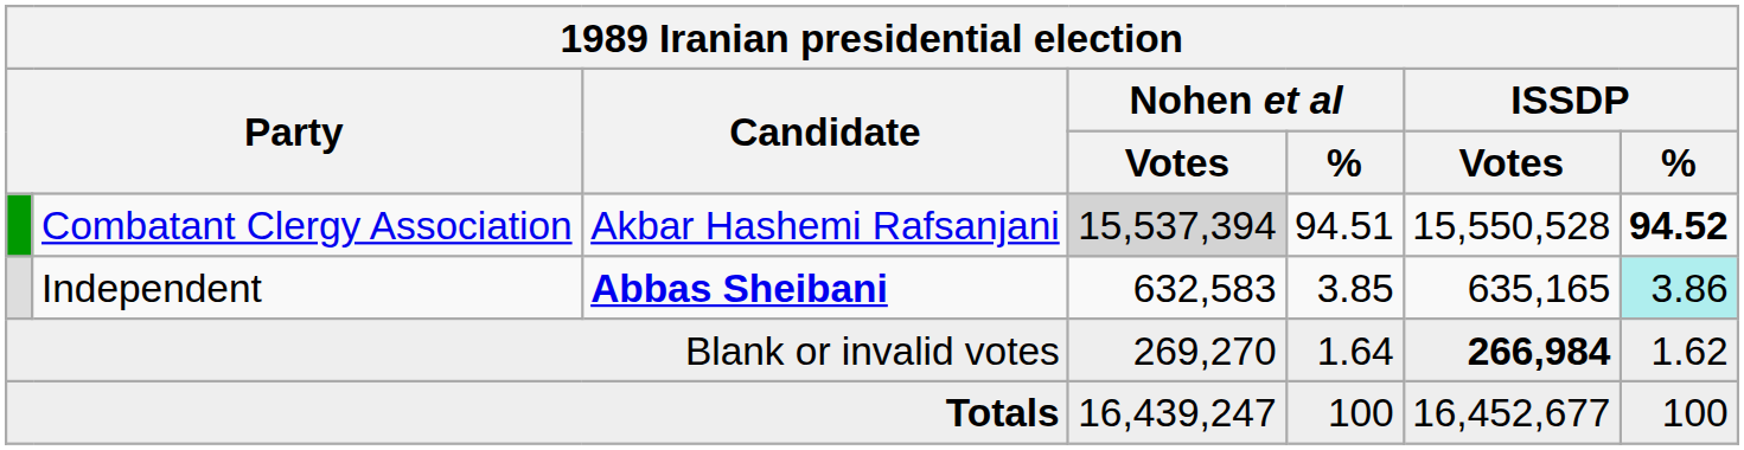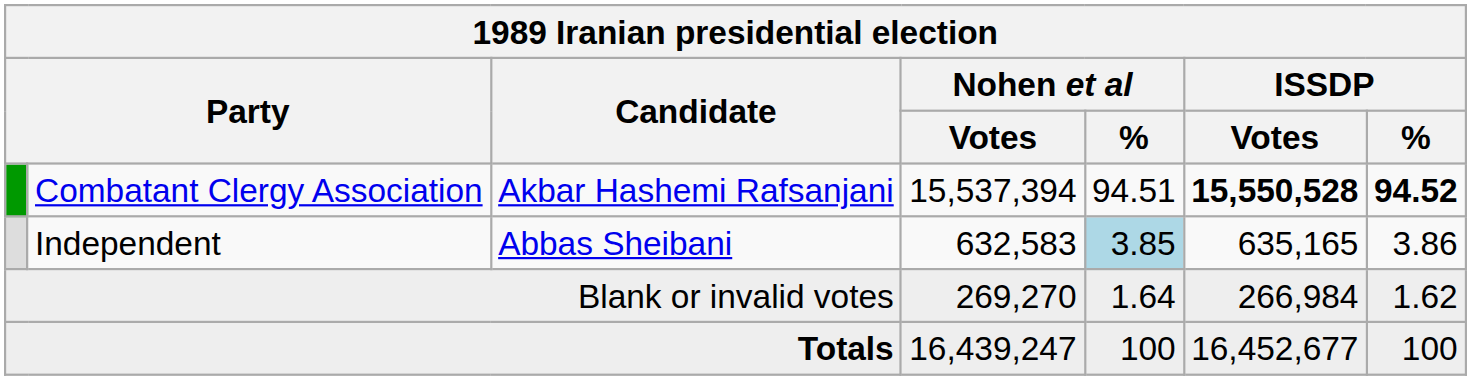 <table class="wikitable" style="font-size:95%;">
 <tr>
 <th colspan="8">1989 Iranian presidential election</th>
 </tr>
 <tr>
 <th rowspan="2" colspan="2">Party</th>
 <th rowspan="2">Candidate</th>
 <th colspan="2">Nohen <em>et al</em></th>
 <th colspan="2"><abbr>ISSDP</abbr></th>
 </tr>
 <tr>
 <th>Votes</th>
 <th>%</th>
 <th>Votes</th>
 <th>%</th>
 </tr>
 <tr>
 <th style="background:#009900; width:3px;"></th>
 <td><a href='#'>Combatant Clergy Association</a></td>
 <td><a href='#'>Akbar Hashemi Rafsanjani</a></td>
-<td style="background: lightgrey; text-align:right;">15,537,394</td>
+<td style="text-align:right;">15,537,394</td>
 <td style="text-align:right;">94.51</td>
-<td style="text-align:right;">15,550,528</td>
+<td style="text-align:right;"><strong>15,550,528</strong></td>
 <td style="text-align:right;"><strong>94.52</strong></td>
 </tr>
 <tr>
 <th style="background:#DDDDDD; width:3px;"></th>
 <td>Independent</td>
-<td><strong><a href='#'>Abbas Sheibani</a></strong></td>
+<td><a href='#'>Abbas Sheibani</a></td>
 <td style="text-align:right;">632,583</td>
-<td style="text-align:right;">3.85</td>
+<td style="background: lightblue; text-align:right;">3.85</td>
 <td style="text-align:right;">635,165</td>
-<td style="background: paleturquoise; text-align:right;">3.86</td>
+<td style="text-align:right;">3.86</td>
 </tr>
 <tr style="background:#eee">
 <td colspan="3" style="text-align:right;">Blank or invalid votes</td>
 <td style="text-align:right;">269,270</td>
 <td style="text-align:right;">1.64</td>
-<td style="text-align:right;"><strong>266,984</strong></td>
+<td style="text-align:right;">266,984</td>
 <td style="text-align:right;">1.62</td>
 </tr>
 <tr style="background:#eee">
 <td colspan="3" style="text-align:right;"><strong>Totals</strong></td>
 <td style="text-align:right;">16,439,247</td>
 <td style="text-align:right;">100</td>
 <td style="text-align:right;">16,452,677</td>
 <td style="text-align:right;">100</td>
 </tr>
 </table>
